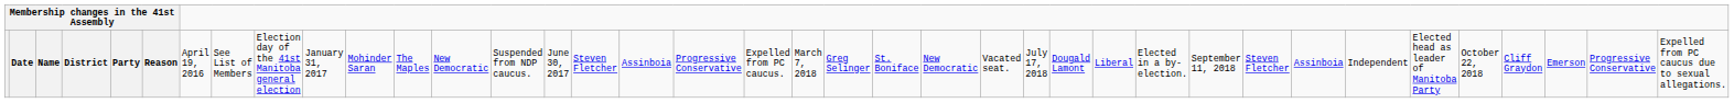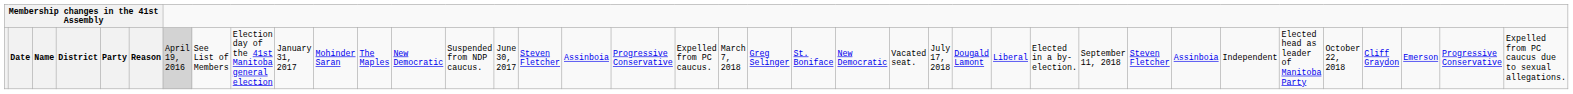 <table class="wikitable">
 <tr>
 <th colspan=6>Membership changes in the 41st Assembly</th>
 </tr>
 <tr>
 <th></th>
 <th>Date</th>
 <th>Name</th>
 <th>District</th>
 <th>Party</th>
 <th>Reason<br></th>
-<td>April 19, 2016</td>
+<td style="background: lightgrey;">April 19, 2016</td>
 <td colspan=3>See List of Members</td>
 <td>Election day of the <a href='#'>41st Manitoba general election</a><br></td>
 <td>January 31, 2017</td>
 <td><a href='#'>Mohinder Saran</a></td>
 <td><a href='#'>The Maples</a></td>
 <td><a href='#'>New Democratic</a></td>
 <td>Suspended from NDP caucus.<br></td>
 <td>June 30, 2017</td>
 <td><a href='#'>Steven Fletcher</a></td>
 <td><a href='#'>Assinboia</a></td>
 <td><a href='#'>Progressive Conservative</a></td>
 <td>Expelled from PC caucus.<br></td>
 <td>March 7, 2018</td>
 <td><a href='#'>Greg Selinger</a></td>
 <td rowspan=2><a href='#'>St. Boniface</a></td>
 <td><a href='#'>New Democratic</a></td>
 <td>Vacated seat.<br></td>
 <td>July 17, 2018</td>
 <td><a href='#'>Dougald Lamont</a></td>
 <td><a href='#'>Liberal</a></td>
 <td>Elected in a by-election.<br></td>
 <td>September 11, 2018</td>
 <td><a href='#'>Steven Fletcher</a></td>
 <td><a href='#'>Assinboia</a></td>
 <td>Independent</td>
 <td>Elected head as leader of <a href='#'>Manitoba Party</a><br></td>
 <td>October 22, 2018</td>
 <td><a href='#'>Cliff Graydon</a></td>
 <td><a href='#'>Emerson</a></td>
 <td><a href='#'>Progressive Conservative</a></td>
 <td>Expelled from PC caucus due to sexual allegations.</td>
 </tr>
 </table>
